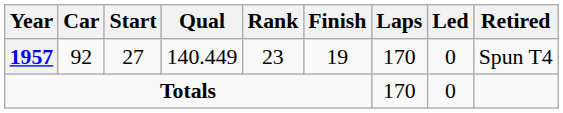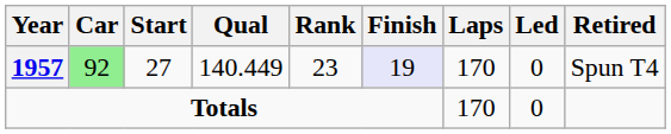 <table class="wikitable" style="text-align:center">
 <tr>
 <th>Year</th>
 <th>Car</th>
 <th>Start</th>
 <th>Qual</th>
 <th>Rank</th>
 <th>Finish</th>
 <th>Laps</th>
 <th>Led</th>
 <th>Retired</th>
 </tr>
 <tr>
 <th><a href='#'>1957</a></th>
-<td>92</td>
+<td style="background: lightgreen;">92</td>
 <td>27</td>
 <td>140.449</td>
 <td>23</td>
-<td>19</td>
+<td style="background: lavender;">19</td>
 <td>170</td>
 <td>0</td>
 <td>Spun T4</td>
 </tr>
 <tr>
 <td colspan=6><strong>Totals</strong></td>
 <td>170</td>
 <td>0</td>
 <td></td>
 </tr>
 </table>
